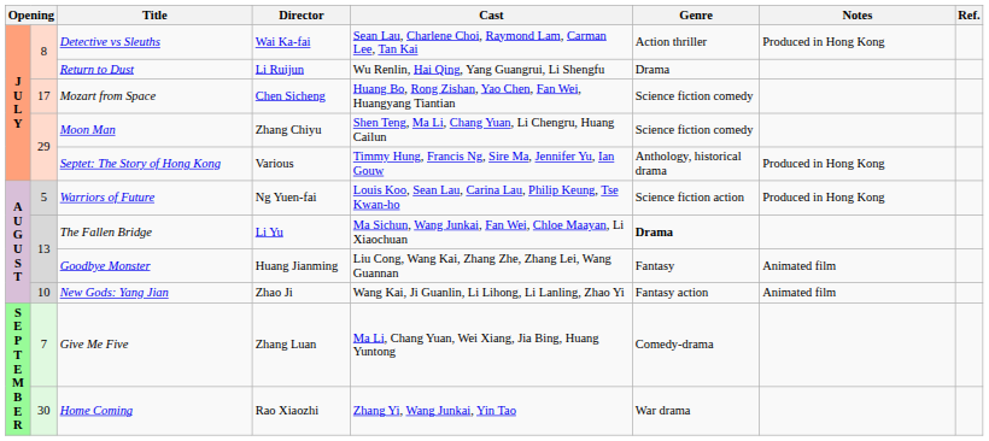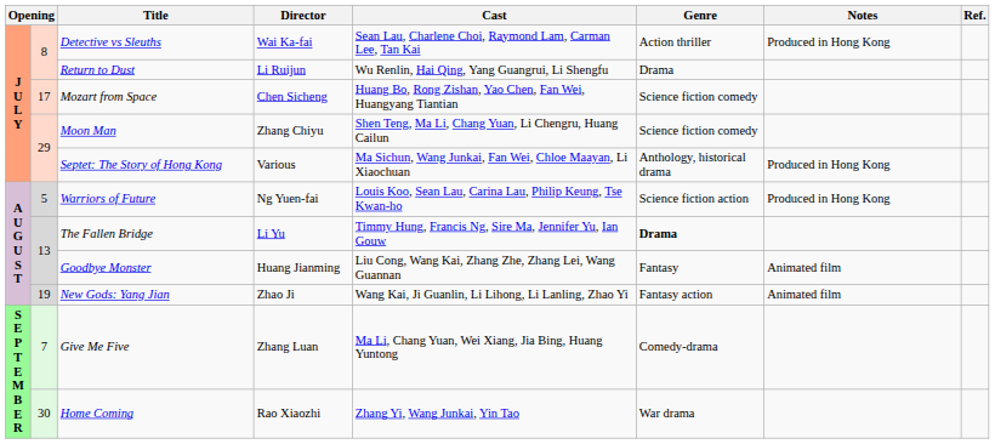 <table class="wikitable">
 <tr>
 <th colspan="2">Opening</th>
 <th style="width:20%;">Title</th>
 <th style="width:10%;">Director</th>
 <th>Cast</th>
 <th style="width:13%">Genre</th>
 <th style="width:20%">Notes</th>
 <th>Ref.</th>
 </tr>
 <tr>
 <th rowspan="5" style="text-align:center; background:#ffa07a; textcolor:#000;">J<br>U<br>L<br>Y</th>
 <td rowspan="2" style="text-align:center; background:#ffdacc; textcolor:#000;">8</td>
 <td><em><a href='#'>Detective vs Sleuths</a></em></td>
 <td><a href='#'>Wai Ka-fai</a></td>
 <td><a href='#'>Sean Lau</a>, <a href='#'>Charlene Choi</a>, <a href='#'>Raymond Lam</a>, <a href='#'>Carman Lee</a>, <a href='#'>Tan Kai</a></td>
 <td>Action thriller</td>
 <td>Produced in Hong Kong</td>
 <td style="text-align:center;"></td>
 </tr>
 <tr>
 <td><em><a href='#'>Return to Dust</a></em></td>
 <td><a href='#'>Li Ruijun</a></td>
 <td>Wu Renlin, <a href='#'>Hai Qing</a>, Yang Guangrui, Li Shengfu</td>
 <td>Drama</td>
 <td></td>
 <td style="text-align:center;"></td>
 </tr>
 <tr>
 <td style="text-align:center; background:#ffdacc; textcolor:#000;">17</td>
 <td><em>Mozart from Space</em></td>
 <td><a href='#'>Chen Sicheng</a></td>
 <td><a href='#'>Huang Bo</a>, <a href='#'>Rong Zishan</a>, <a href='#'>Yao Chen</a>, <a href='#'>Fan Wei</a>, Huangyang Tiantian</td>
 <td>Science fiction comedy</td>
 <td></td>
 <td style="text-align:center;"></td>
 </tr>
 <tr>
 <td rowspan="2" style="text-align:center; background:#ffdacc; textcolor:#000;">29</td>
 <td><em><a href='#'>Moon Man</a></em></td>
 <td>Zhang Chiyu</td>
 <td><a href='#'>Shen Teng</a>, <a href='#'>Ma Li</a>, <a href='#'>Chang Yuan</a>, Li Chengru, Huang Cailun</td>
 <td>Science fiction comedy</td>
 <td></td>
 <td style="text-align:center;"></td>
 </tr>
 <tr>
 <td><em><a href='#'>Septet: The Story of Hong Kong</a></em></td>
 <td>Various</td>
-<td><a href='#'>Timmy Hung</a>, <a href='#'>Francis Ng</a>, <a href='#'>Sire Ma</a>, <a href='#'>Jennifer Yu</a>, <a href='#'>Ian Gouw</a></td>
+<td><a href='#'>Ma Sichun</a>, <a href='#'>Wang Junkai</a>, <a href='#'>Fan Wei</a>, <a href='#'>Chloe Maayan</a>, Li Xiaochuan</td>
 <td>Anthology, historical drama</td>
 <td>Produced in Hong Kong</td>
 <td style="text-align:center;"></td>
 </tr>
 <tr>
 <th rowspan="4" style="text-align:center; background:thistle; textcolor:#000;">A<br>U<br>G<br>U<br>S<br>T</th>
 <td style="text-align:center; background:#d8d8d8; textcolor:#000;">5</td>
 <td><em><a href='#'>Warriors of Future</a></em></td>
 <td>Ng Yuen-fai</td>
 <td><a href='#'>Louis Koo</a>, <a href='#'>Sean Lau</a>, <a href='#'>Carina Lau</a>, <a href='#'>Philip Keung</a>, <a href='#'>Tse Kwan-ho</a></td>
 <td>Science fiction action</td>
 <td>Produced in Hong Kong</td>
 <td style="text-align:center;"></td>
 </tr>
 <tr>
 <td rowspan="2" style="text-align:center; background:#d8d8d8; textcolor:#000;">13</td>
 <td><em>The Fallen Bridge</em></td>
 <td><a href='#'>Li Yu</a></td>
-<td><a href='#'>Ma Sichun</a>, <a href='#'>Wang Junkai</a>, <a href='#'>Fan Wei</a>, <a href='#'>Chloe Maayan</a>, Li Xiaochuan</td>
+<td><a href='#'>Timmy Hung</a>, <a href='#'>Francis Ng</a>, <a href='#'>Sire Ma</a>, <a href='#'>Jennifer Yu</a>, <a href='#'>Ian Gouw</a></td>
 <td><strong>Drama</strong></td>
 <td></td>
 <td style="text-align:center;"></td>
 </tr>
 <tr>
 <td><em><a href='#'>Goodbye Monster</a></em></td>
 <td>Huang Jianming</td>
 <td>Liu Cong, Wang Kai, Zhang Zhe, Zhang Lei, Wang Guannan</td>
 <td>Fantasy</td>
 <td>Animated film</td>
 <td style="text-align:center;"></td>
 </tr>
 <tr>
-<td style="text-align:center; background:#d8d8d8; textcolor:#000;">10</td>
+<td style="text-align:center; background:#d8d8d8; textcolor:#000;">19</td>
 <td><em><a href='#'>New Gods: Yang Jian</a></em></td>
 <td>Zhao Ji</td>
 <td>Wang Kai, Ji Guanlin, Li Lihong, Li Lanling, Zhao Yi</td>
 <td>Fantasy action</td>
 <td>Animated film</td>
 <td style="text-align:center;"></td>
 </tr>
 <tr>
 <th rowspan="2" style="text-align:center; background:#98fb98; textcolor:#000;">S<br>E<br>P<br>T<br>E<br>M<br>B<br>E<br>R</th>
 <td style="text-align:center; background:#e0f9e0;">7</td>
 <td><em>Give Me Five</em></td>
 <td>Zhang Luan</td>
 <td><a href='#'>Ma Li</a>, Chang Yuan, Wei Xiang, Jia Bing, Huang Yuntong</td>
 <td>Comedy-drama</td>
 <td></td>
 <td style="text-align:center;"></td>
 </tr>
 <tr>
 <td style="text-align:center; background:#e0f9e0;">30</td>
 <td><em><a href='#'>Home Coming</a></em></td>
 <td>Rao Xiaozhi</td>
 <td><a href='#'>Zhang Yi</a>, <a href='#'>Wang Junkai</a>, <a href='#'>Yin Tao</a></td>
 <td>War drama</td>
 <td></td>
 <td style="text-align:center;"></td>
 </tr>
 </table>
